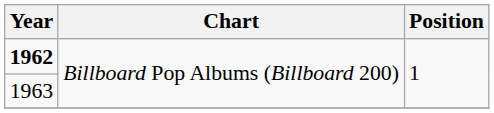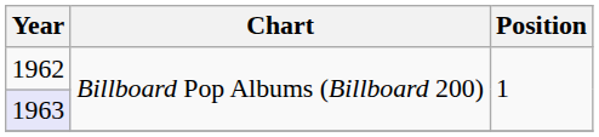 <table class="wikitable">
 <tr>
 <th scope="col">Year</th>
 <th scope="col">Chart</th>
 <th scope="col">Position</th>
 </tr>
 <tr>
-<td><strong>1962</strong></td>
+<td>1962</td>
 <td scope="row" rowspan=2><em>Billboard</em> Pop Albums (<em>Billboard</em> 200)</td>
 <td rowspan=2>1</td>
 </tr>
 <tr>
-<td>1963</td>
+<td style="background: lavender;">1963</td>
 </tr>
 <tr>
 </tr>
 </table>
